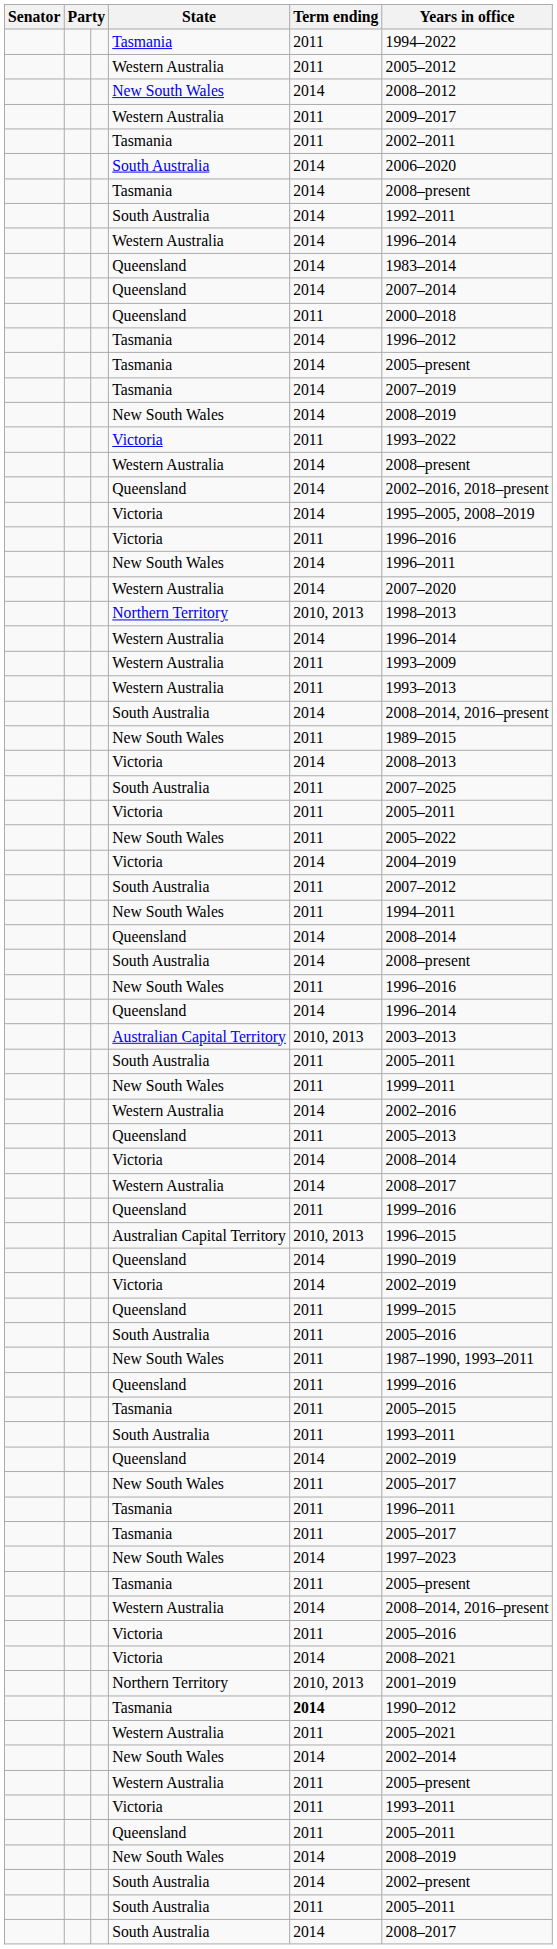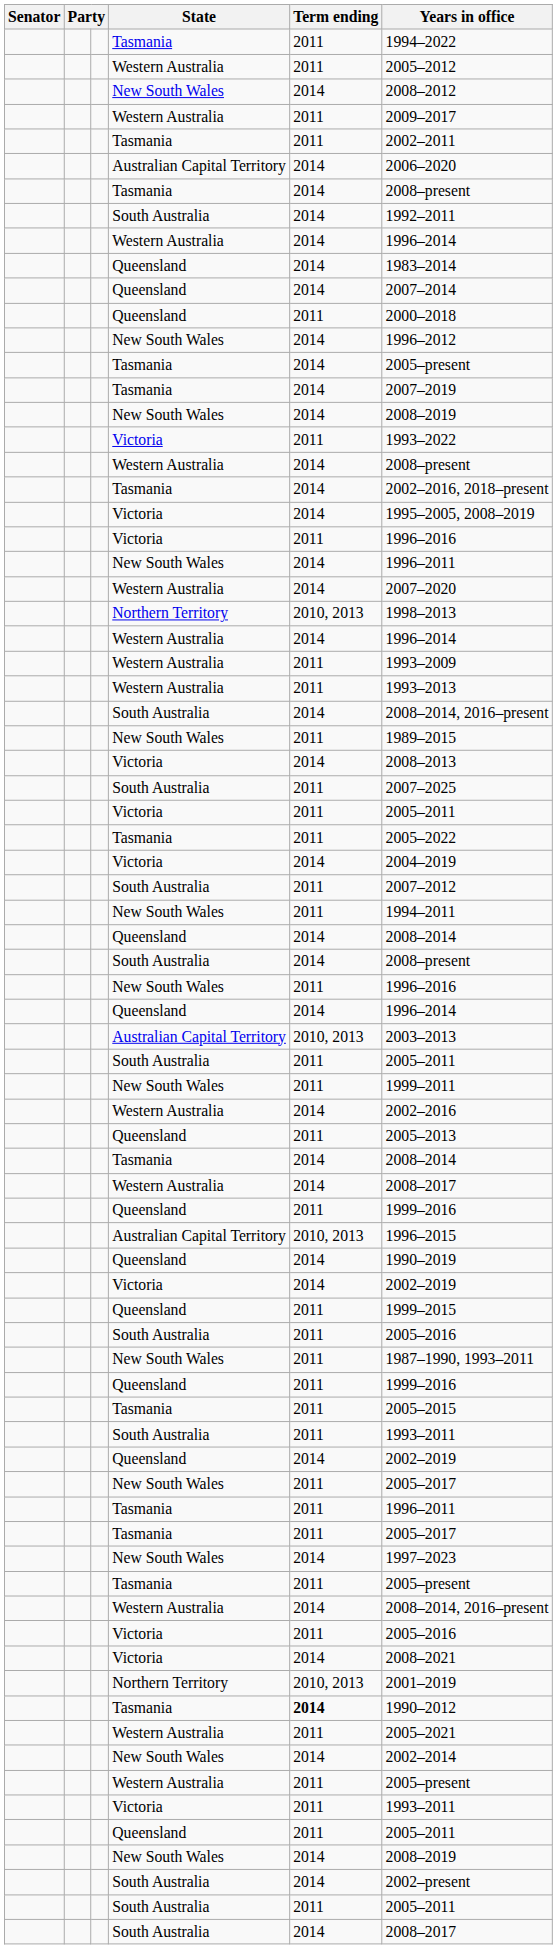 <table class="wikitable sortable">
 <tr>
 <th>Senator</th>
 <th colspan=2>Party</th>
 <th>State</th>
 <th>Term ending</th>
 <th>Years in office</th>
 </tr>
 <tr>
 <td></td>
 <td> </td>
 <td></td>
 <td><a href='#'>Tasmania</a></td>
 <td>2011</td>
 <td>1994–2022</td>
 </tr>
 <tr>
 <td></td>
 <td> </td>
 <td></td>
 <td>Western Australia</td>
 <td>2011</td>
 <td>2005–2012</td>
 </tr>
 <tr>
 <td></td>
 <td> </td>
 <td></td>
 <td><a href='#'>New South Wales</a></td>
 <td>2014</td>
 <td>2008–2012</td>
 </tr>
 <tr>
 <td> </td>
 <td> </td>
 <td></td>
 <td>Western Australia</td>
 <td>2011</td>
 <td>2009–2017</td>
 </tr>
 <tr>
 <td></td>
 <td> </td>
 <td></td>
 <td>Tasmania</td>
 <td>2011</td>
 <td>2002–2011</td>
 </tr>
 <tr>
 <td></td>
 <td> </td>
 <td></td>
-<td><a href='#'>South Australia</a></td>
+<td>Australian Capital Territory</td>
 <td>2014</td>
 <td>2006–2020</td>
 </tr>
 <tr>
 <td></td>
 <td> </td>
 <td></td>
 <td>Tasmania</td>
 <td>2014</td>
 <td>2008–present</td>
 </tr>
 <tr>
 <td></td>
 <td> </td>
 <td></td>
 <td>South Australia</td>
 <td>2014</td>
 <td>1992–2011</td>
 </tr>
 <tr>
 <td></td>
 <td> </td>
 <td></td>
 <td>Western Australia</td>
 <td>2014</td>
 <td>1996–2014</td>
 </tr>
 <tr>
 <td></td>
 <td> </td>
 <td></td>
 <td>Queensland</td>
 <td>2014</td>
 <td>1983–2014</td>
 </tr>
 <tr>
 <td></td>
 <td> </td>
 <td></td>
 <td>Queensland</td>
 <td>2014</td>
 <td>2007–2014</td>
 </tr>
 <tr>
 <td></td>
 <td> </td>
 <td></td>
 <td>Queensland</td>
 <td>2011</td>
 <td>2000–2018</td>
 </tr>
 <tr>
 <td></td>
 <td> </td>
 <td></td>
-<td>Tasmania</td>
+<td>New South Wales</td>
 <td>2014</td>
 <td>1996–2012</td>
 </tr>
 <tr>
 <td></td>
 <td> </td>
 <td></td>
 <td>Tasmania</td>
 <td>2014</td>
 <td>2005–present</td>
 </tr>
 <tr>
 <td></td>
 <td> </td>
 <td></td>
 <td>Tasmania</td>
 <td>2014</td>
 <td>2007–2019</td>
 </tr>
 <tr>
 <td></td>
 <td> </td>
 <td></td>
 <td>New South Wales</td>
 <td>2014</td>
 <td>2008–2019</td>
 </tr>
 <tr>
 <td></td>
 <td> </td>
 <td></td>
 <td><a href='#'>Victoria</a></td>
 <td>2011</td>
 <td>1993–2022</td>
 </tr>
 <tr>
 <td></td>
 <td> </td>
 <td></td>
 <td>Western Australia</td>
 <td>2014</td>
 <td>2008–present</td>
 </tr>
 <tr>
 <td></td>
 <td> </td>
 <td></td>
-<td>Queensland</td>
+<td>Tasmania</td>
 <td>2014</td>
 <td>2002–2016, 2018–present</td>
 </tr>
 <tr>
 <td></td>
 <td> </td>
 <td></td>
 <td>Victoria</td>
 <td>2014</td>
 <td>1995–2005, 2008–2019</td>
 </tr>
 <tr>
 <td></td>
 <td> </td>
 <td></td>
 <td>Victoria</td>
 <td>2011</td>
 <td>1996–2016</td>
 </tr>
 <tr>
 <td></td>
 <td> </td>
 <td></td>
 <td>New South Wales</td>
 <td>2014</td>
 <td>1996–2011</td>
 </tr>
 <tr>
 <td></td>
 <td> </td>
 <td></td>
 <td>Western Australia</td>
 <td>2014</td>
 <td>2007–2020</td>
 </tr>
 <tr>
 <td></td>
 <td> </td>
 <td></td>
 <td><a href='#'>Northern Territory</a></td>
 <td>2010, 2013 </td>
 <td>1998–2013</td>
 </tr>
 <tr>
 <td></td>
 <td> </td>
 <td></td>
 <td>Western Australia</td>
 <td>2014</td>
 <td>1996–2014</td>
 </tr>
 <tr>
 <td> </td>
 <td> </td>
 <td></td>
 <td>Western Australia</td>
 <td>2011</td>
 <td>1993–2009</td>
 </tr>
 <tr>
 <td></td>
 <td> </td>
 <td></td>
 <td>Western Australia</td>
 <td>2011</td>
 <td>1993–2013</td>
 </tr>
 <tr>
 <td></td>
 <td> </td>
 <td></td>
 <td>South Australia</td>
 <td>2014</td>
 <td>2008–2014, 2016–present</td>
 </tr>
 <tr>
 <td></td>
 <td> </td>
 <td></td>
 <td>New South Wales</td>
 <td>2011</td>
 <td>1989–2015</td>
 </tr>
 <tr>
 <td></td>
 <td> </td>
 <td></td>
 <td>Victoria</td>
 <td>2014</td>
 <td>2008–2013</td>
 </tr>
 <tr>
 <td></td>
 <td> </td>
 <td></td>
 <td>South Australia</td>
 <td>2011</td>
 <td>2007–2025</td>
 </tr>
 <tr>
 <td></td>
 <td> </td>
 <td></td>
 <td>Victoria</td>
 <td>2011</td>
 <td>2005–2011</td>
 </tr>
 <tr>
 <td></td>
 <td> </td>
 <td></td>
-<td>New South Wales</td>
+<td>Tasmania</td>
 <td>2011</td>
 <td>2005–2022</td>
 </tr>
 <tr>
 <td></td>
 <td> </td>
 <td></td>
 <td>Victoria</td>
 <td>2014</td>
 <td>2004–2019</td>
 </tr>
 <tr>
 <td></td>
 <td> </td>
 <td></td>
 <td>South Australia</td>
 <td>2011</td>
 <td>2007–2012</td>
 </tr>
 <tr>
 <td></td>
 <td> </td>
 <td></td>
 <td>New South Wales</td>
 <td>2011</td>
 <td>1994–2011</td>
 </tr>
 <tr>
 <td></td>
 <td> </td>
 <td></td>
 <td>Queensland</td>
 <td>2014</td>
 <td>2008–2014</td>
 </tr>
 <tr>
 <td></td>
 <td> </td>
 <td></td>
 <td>South Australia</td>
 <td>2014</td>
 <td>2008–present</td>
 </tr>
 <tr>
 <td></td>
 <td> </td>
 <td></td>
 <td>New South Wales</td>
 <td>2011</td>
 <td>1996–2016</td>
 </tr>
 <tr>
 <td></td>
 <td> </td>
 <td></td>
 <td>Queensland</td>
 <td>2014</td>
 <td>1996–2014</td>
 </tr>
 <tr>
 <td></td>
 <td> </td>
 <td></td>
 <td><a href='#'>Australian Capital Territory</a></td>
 <td>2010, 2013 </td>
 <td>2003–2013</td>
 </tr>
 <tr>
 <td></td>
 <td> </td>
 <td></td>
 <td>South Australia</td>
 <td>2011</td>
 <td>2005–2011</td>
 </tr>
 <tr>
 <td></td>
 <td> </td>
 <td></td>
 <td>New South Wales</td>
 <td>2011</td>
 <td>1999–2011</td>
 </tr>
 <tr>
 <td></td>
 <td> </td>
 <td></td>
 <td>Western Australia</td>
 <td>2014</td>
 <td>2002–2016</td>
 </tr>
 <tr>
 <td></td>
 <td> </td>
 <td></td>
 <td>Queensland</td>
 <td>2011</td>
 <td>2005–2013</td>
 </tr>
 <tr>
 <td></td>
 <td> </td>
 <td></td>
-<td>Victoria</td>
+<td>Tasmania</td>
 <td>2014</td>
 <td>2008–2014</td>
 </tr>
 <tr>
 <td></td>
 <td> </td>
 <td></td>
 <td>Western Australia</td>
 <td>2014</td>
 <td>2008–2017</td>
 </tr>
 <tr>
 <td></td>
 <td> </td>
 <td></td>
 <td>Queensland</td>
 <td>2011</td>
 <td>1999–2016</td>
 </tr>
 <tr>
 <td></td>
 <td> </td>
 <td></td>
 <td>Australian Capital Territory</td>
 <td>2010, 2013 </td>
 <td>1996–2015</td>
 </tr>
 <tr>
 <td></td>
 <td> </td>
 <td></td>
 <td>Queensland</td>
 <td>2014</td>
 <td>1990–2019</td>
 </tr>
 <tr>
 <td></td>
 <td> </td>
 <td></td>
 <td>Victoria</td>
 <td>2014</td>
 <td>2002–2019</td>
 </tr>
 <tr>
 <td></td>
 <td> </td>
 <td></td>
 <td>Queensland</td>
 <td>2011</td>
 <td>1999–2015</td>
 </tr>
 <tr>
 <td></td>
 <td> </td>
 <td></td>
 <td>South Australia</td>
 <td>2011</td>
 <td>2005–2016</td>
 </tr>
 <tr>
 <td></td>
 <td> </td>
 <td></td>
 <td>New South Wales</td>
 <td>2011</td>
 <td>1987–1990, 1993–2011</td>
 </tr>
 <tr>
 <td></td>
 <td> </td>
 <td></td>
 <td>Queensland</td>
 <td>2011</td>
 <td>1999–2016</td>
 </tr>
 <tr>
 <td></td>
 <td> </td>
 <td></td>
 <td>Tasmania</td>
 <td>2011</td>
 <td>2005–2015</td>
 </tr>
 <tr>
 <td></td>
 <td> </td>
 <td></td>
 <td>South Australia</td>
 <td>2011</td>
 <td>1993–2011</td>
 </tr>
 <tr>
 <td></td>
 <td> </td>
 <td></td>
 <td>Queensland</td>
 <td>2014</td>
 <td>2002–2019</td>
 </tr>
 <tr>
 <td></td>
 <td> </td>
 <td></td>
 <td>New South Wales</td>
 <td>2011</td>
 <td>2005–2017</td>
 </tr>
 <tr>
 <td></td>
 <td> </td>
 <td></td>
 <td>Tasmania</td>
 <td>2011</td>
 <td>1996–2011</td>
 </tr>
 <tr>
 <td></td>
 <td> </td>
 <td></td>
 <td>Tasmania</td>
 <td>2011</td>
 <td>2005–2017</td>
 </tr>
 <tr>
 <td></td>
 <td> </td>
 <td></td>
 <td>New South Wales</td>
 <td>2014</td>
 <td>1997–2023</td>
 </tr>
 <tr>
 <td></td>
 <td> </td>
 <td></td>
 <td>Tasmania</td>
 <td>2011</td>
 <td>2005–present</td>
 </tr>
 <tr>
 <td></td>
 <td> </td>
 <td></td>
 <td>Western Australia</td>
 <td>2014</td>
 <td>2008–2014, 2016–present</td>
 </tr>
 <tr>
 <td></td>
 <td> </td>
 <td></td>
 <td>Victoria</td>
 <td>2011</td>
 <td>2005–2016</td>
 </tr>
 <tr>
 <td></td>
 <td> </td>
 <td></td>
 <td>Victoria</td>
 <td>2014</td>
 <td>2008–2021</td>
 </tr>
 <tr>
 <td></td>
 <td> </td>
 <td> </td>
 <td>Northern Territory</td>
 <td>2010, 2013 </td>
 <td>2001–2019</td>
 </tr>
 <tr>
 <td></td>
 <td> </td>
 <td></td>
 <td>Tasmania</td>
 <td><strong>2014</strong></td>
 <td>1990–2012</td>
 </tr>
 <tr>
 <td></td>
 <td> </td>
 <td></td>
 <td>Western Australia</td>
 <td>2011</td>
 <td>2005–2021</td>
 </tr>
 <tr>
 <td></td>
 <td> </td>
 <td></td>
 <td>New South Wales</td>
 <td>2014</td>
 <td>2002–2014</td>
 </tr>
 <tr>
 <td></td>
 <td> </td>
 <td></td>
 <td>Western Australia</td>
 <td>2011</td>
 <td>2005–present</td>
 </tr>
 <tr>
 <td></td>
 <td> </td>
 <td></td>
 <td>Victoria</td>
 <td>2011</td>
 <td>1993–2011</td>
 </tr>
 <tr>
 <td></td>
 <td> </td>
 <td></td>
 <td>Queensland</td>
 <td>2011</td>
 <td>2005–2011</td>
 </tr>
 <tr>
 <td></td>
 <td> </td>
 <td></td>
 <td>New South Wales</td>
 <td>2014</td>
 <td>2008–2019</td>
 </tr>
 <tr>
 <td></td>
 <td> </td>
 <td></td>
 <td>South Australia</td>
 <td>2014</td>
 <td>2002–present</td>
 </tr>
 <tr>
 <td></td>
 <td> </td>
 <td></td>
 <td>South Australia</td>
 <td>2011</td>
 <td>2005–2011</td>
 </tr>
 <tr>
 <td></td>
 <td> </td>
 <td></td>
 <td>South Australia</td>
 <td>2014</td>
 <td>2008–2017</td>
 </tr>
 </table>
